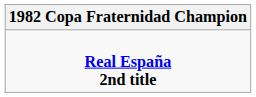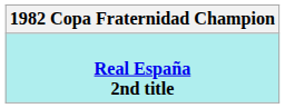 <table class="wikitable" border="1" style="text-align: center; margin: 0 auto;">
 <tr>
 <th>1982 Copa Fraternidad Champion</th>
 </tr>
 <tr>
-<td align="center"><br><strong><a href='#'>Real España</a><br>2nd title</strong></td>
+<td align="center" style="background: paleturquoise;"><br><strong><a href='#'>Real España</a><br>2nd title</strong></td>
 </tr>
 </table>
